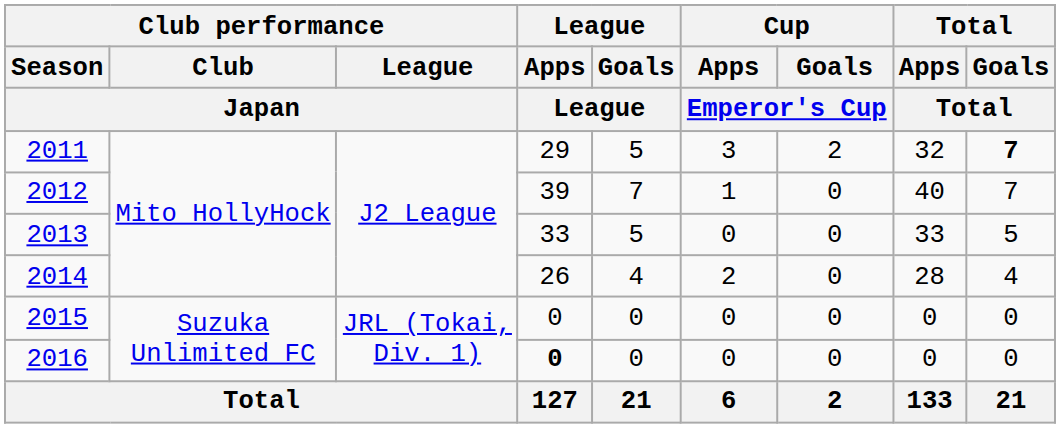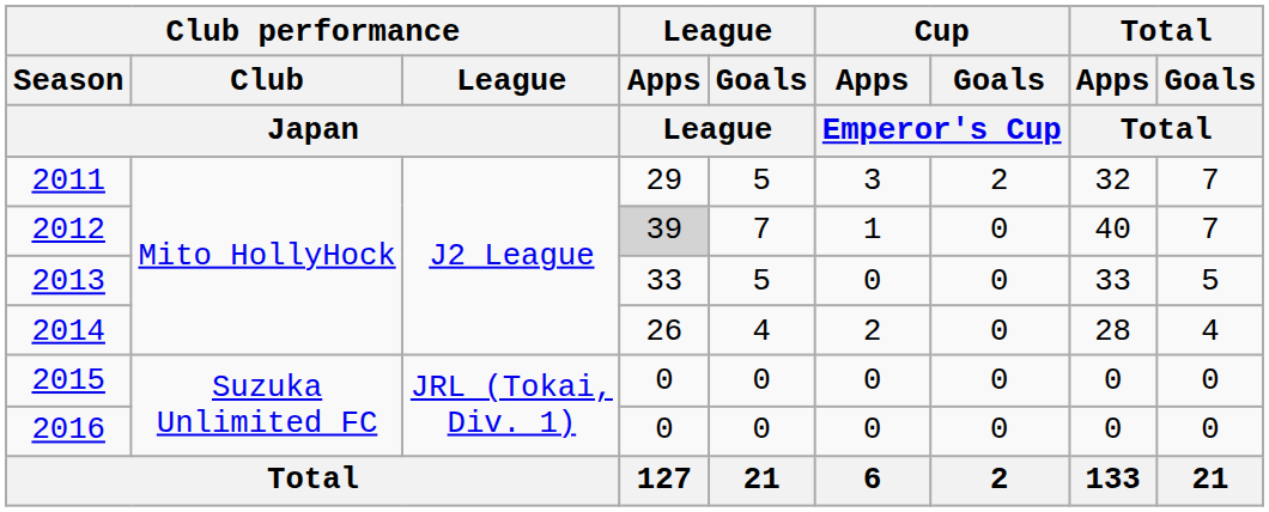 <table class="wikitable" style="text-align:center;">
 <tr>
 <th colspan=3>Club performance</th>
 <th colspan=2>League</th>
 <th colspan=2>Cup</th>
 <th colspan=2>Total</th>
 </tr>
 <tr>
 <th>Season</th>
 <th>Club</th>
 <th>League</th>
 <th>Apps</th>
 <th>Goals</th>
 <th>Apps</th>
 <th>Goals</th>
 <th>Apps</th>
 <th>Goals</th>
 </tr>
 <tr>
 <th colspan=3>Japan</th>
 <th colspan=2>League</th>
 <th colspan=2><a href='#'>Emperor's Cup</a></th>
 <th colspan=2>Total</th>
 </tr>
 <tr>
 <td><a href='#'>2011</a></td>
 <td rowspan="4"><a href='#'>Mito HollyHock</a></td>
 <td rowspan="4"><a href='#'>J2 League</a></td>
 <td>29</td>
 <td>5</td>
 <td>3</td>
 <td>2</td>
 <td>32</td>
-<td><strong>7</strong></td>
+<td>7</td>
 </tr>
 <tr>
 <td><a href='#'>2012</a></td>
-<td>39</td>
+<td style="background: lightgrey;">39</td>
 <td>7</td>
 <td>1</td>
 <td>0</td>
 <td>40</td>
 <td>7</td>
 </tr>
 <tr>
 <td><a href='#'>2013</a></td>
 <td>33</td>
 <td>5</td>
 <td>0</td>
 <td>0</td>
 <td>33</td>
 <td>5</td>
 </tr>
 <tr>
 <td><a href='#'>2014</a></td>
 <td>26</td>
 <td>4</td>
 <td>2</td>
 <td>0</td>
 <td>28</td>
 <td>4</td>
 </tr>
 <tr>
 <td><a href='#'>2015</a></td>
 <td rowspan="2"><a href='#'>Suzuka<br>Unlimited FC</a></td>
 <td rowspan="2"><a href='#'>JRL (Tokai,<br>Div. 1)</a></td>
 <td>0</td>
 <td>0</td>
 <td>0</td>
 <td>0</td>
 <td>0</td>
 <td>0</td>
 </tr>
 <tr>
 <td><a href='#'>2016</a></td>
-<td><strong>0</strong></td>
+<td>0</td>
 <td>0</td>
 <td>0</td>
 <td>0</td>
 <td>0</td>
 <td>0</td>
 </tr>
 <tr>
 <th colspan=3>Total</th>
 <th>127</th>
 <th>21</th>
 <th>6</th>
 <th>2</th>
 <th>133</th>
 <th>21</th>
 </tr>
 </table>
